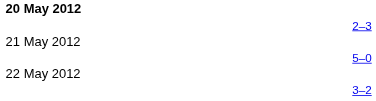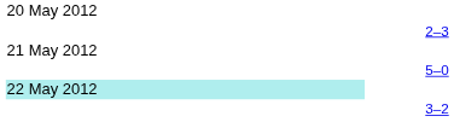 <table style="width:100%;" cellspacing="1">
 <tr>
 <th width=25%></th>
 <th width=10%></th>
 <th width=25%></th>
 </tr>
 <tr>
-<td><strong>20 May 2012</strong></td>
+<td>20 May 2012</td>
 </tr>
 <tr style=font-size:90%>
 <td align=right></td>
 <td align=center><a href='#'>2–3</a></td>
 <td></td>
 </tr>
 <tr>
 <td>21 May 2012</td>
 </tr>
 <tr style=font-size:90%>
 <td align=right></td>
 <td align=center><a href='#'>5–0</a></td>
 <td></td>
 </tr>
 <tr>
-<td>22 May 2012</td>
+<td style="background: paleturquoise;">22 May 2012</td>
 </tr>
 <tr style=font-size:90%>
 <td align=right></td>
 <td align=center><a href='#'>3–2</a></td>
 <td></td>
 </tr>
 </table>
